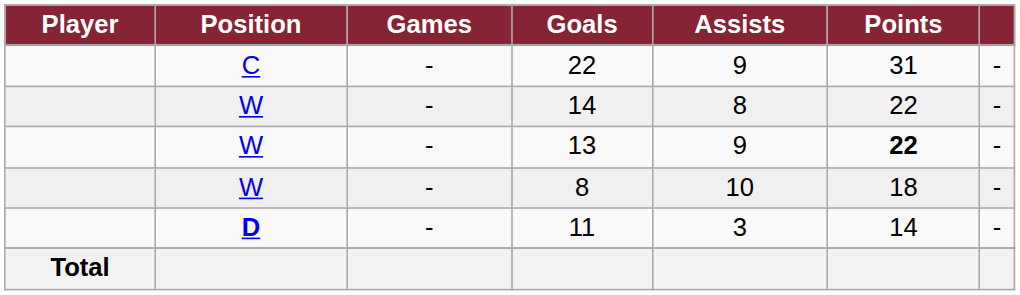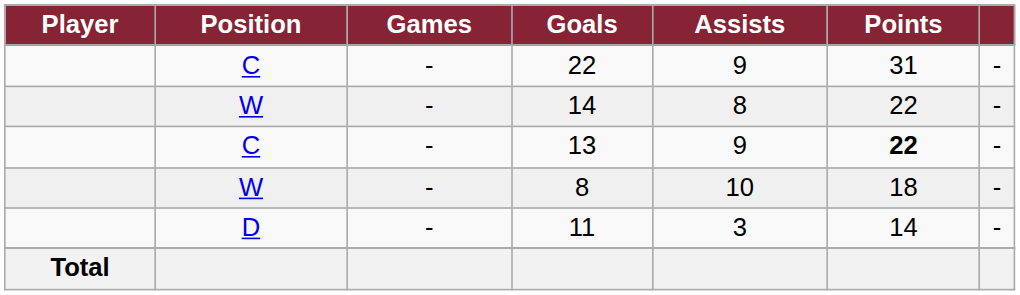 <table class="wikitable sortable" width ="50%">
 <tr align="center">
 <th style="color:white; background:#862334; ">Player</th>
 <th style="color:white; background:#862334; ">Position</th>
 <th style="color:white; background:#862334; ">Games</th>
 <th style="color:white; background:#862334; ">Goals</th>
 <th style="color:white; background:#862334; ">Assists</th>
 <th style="color:white; background:#862334; ">Points</th>
 <th style="color:white; background:#862334; "><a href='#'></a></th>
 </tr>
 <tr align="center" bgcolor="">
 <td></td>
 <td><a href='#'>C</a></td>
 <td>-</td>
 <td>22</td>
 <td>9</td>
 <td>31</td>
 <td>-</td>
 </tr>
 <tr align="center" bgcolor="f0f0f0">
 <td></td>
 <td><a href='#'>W</a></td>
 <td>-</td>
 <td>14</td>
 <td>8</td>
 <td>22</td>
 <td>-</td>
 </tr>
 <tr align="center" bgcolor="">
 <td></td>
-<td><a href='#'>W</a></td>
+<td><a href='#'>C</a></td>
 <td>-</td>
 <td>13</td>
 <td>9</td>
 <td><strong>22</strong></td>
 <td>-</td>
 </tr>
 <tr align="center" bgcolor="f0f0f0">
 <td></td>
 <td><a href='#'>W</a></td>
 <td>-</td>
 <td>8</td>
 <td>10</td>
 <td>18</td>
 <td>-</td>
 </tr>
 <tr align="center" bgcolor="">
 <td></td>
-<td><strong><a href='#'>D</a></strong></td>
+<td><a href='#'>D</a></td>
 <td>-</td>
 <td>11</td>
 <td>3</td>
 <td>14</td>
 <td>-</td>
 </tr>
 <tr align="center" bgcolor="">
 </tr>
 <tr>
 <th>Total</th>
 <th></th>
 <th></th>
 <th></th>
 <th></th>
 <th></th>
 <th></th>
 </tr>
 </table>
